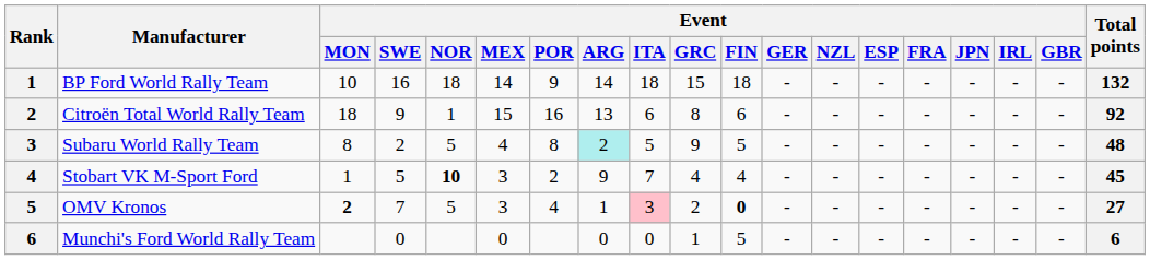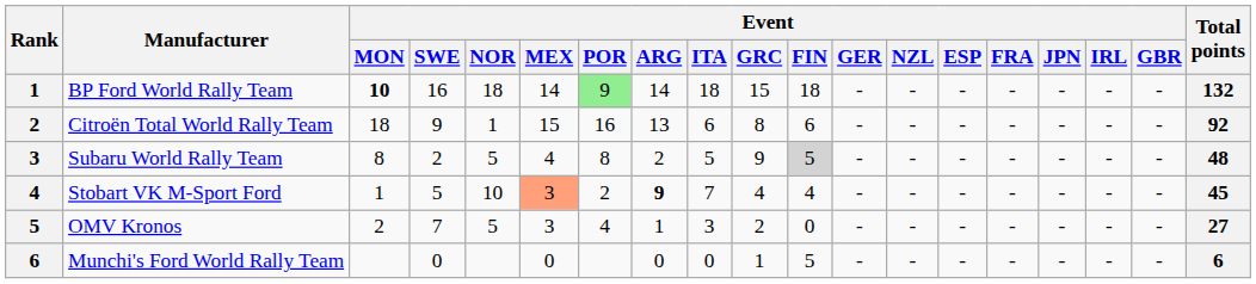 <table class="wikitable" style="text-align:center; font-size:90%;">
 <tr>
 <th rowspan=2>Rank</th>
 <th rowspan=2 style="width:16em">Manufacturer</th>
 <th colspan=16>Event</th>
 <th rowspan=2>Total<br>points</th>
 </tr>
 <tr valign="top">
 <th><a href='#'>MON</a><br></th>
 <th><a href='#'>SWE</a><br></th>
 <th><a href='#'>NOR</a><br></th>
 <th><a href='#'>MEX</a><br></th>
 <th><a href='#'>POR</a><br></th>
 <th><a href='#'>ARG</a><br></th>
 <th><a href='#'>ITA</a><br></th>
 <th><a href='#'>GRC</a><br></th>
 <th><a href='#'>FIN</a><br></th>
 <th><a href='#'>GER</a><br></th>
 <th><a href='#'>NZL</a><br></th>
 <th><a href='#'>ESP</a><br></th>
 <th><a href='#'>FRA</a><br></th>
 <th><a href='#'>JPN</a><br></th>
 <th><a href='#'>IRL</a><br></th>
 <th><a href='#'>GBR</a><br></th>
 </tr>
 <tr>
 <th>1</th>
 <td align=left><a href='#'>BP Ford World Rally Team</a></td>
-<td>10</td>
+<td><strong>10</strong></td>
 <td>16</td>
 <td>18</td>
 <td>14</td>
-<td>9</td>
+<td style="background: lightgreen;">9</td>
 <td>14</td>
 <td>18</td>
 <td>15</td>
 <td>18</td>
 <td>-</td>
 <td>-</td>
 <td>-</td>
 <td>-</td>
 <td>-</td>
 <td>-</td>
 <td>-</td>
 <th>132</th>
 </tr>
 <tr>
 <th>2</th>
 <td align=left><a href='#'>Citroën Total World Rally Team</a></td>
 <td>18</td>
 <td>9</td>
 <td>1</td>
 <td>15</td>
 <td>16</td>
 <td>13</td>
 <td>6</td>
 <td>8</td>
 <td>6</td>
 <td>-</td>
 <td>-</td>
 <td>-</td>
 <td>-</td>
 <td>-</td>
 <td>-</td>
 <td>-</td>
 <th>92</th>
 </tr>
 <tr>
 <th>3</th>
 <td align=left><a href='#'>Subaru World Rally Team</a></td>
 <td>8</td>
 <td>2</td>
 <td>5</td>
 <td>4</td>
 <td>8</td>
-<td style="background: paleturquoise;">2</td>
+<td>2</td>
 <td>5</td>
 <td>9</td>
-<td>5</td>
+<td style="background: lightgrey;">5</td>
 <td>-</td>
 <td>-</td>
 <td>-</td>
 <td>-</td>
 <td>-</td>
 <td>-</td>
 <td>-</td>
 <th>48</th>
 </tr>
 <tr>
 <th>4</th>
 <td align=left><a href='#'>Stobart VK M-Sport Ford</a></td>
 <td>1</td>
 <td>5</td>
-<td><strong>10</strong></td>
-<td>3</td>
+<td>10</td>
+<td style="background: lightsalmon;">3</td>
 <td>2</td>
-<td>9</td>
+<td><strong>9</strong></td>
 <td>7</td>
 <td>4</td>
 <td>4</td>
 <td>-</td>
 <td>-</td>
 <td>-</td>
 <td>-</td>
 <td>-</td>
 <td>-</td>
 <td>-</td>
 <th>45</th>
 </tr>
 <tr>
 <th>5</th>
 <td align=left><a href='#'>OMV Kronos</a></td>
-<td><strong>2</strong></td>
+<td>2</td>
 <td>7</td>
 <td>5</td>
 <td>3</td>
 <td>4</td>
 <td>1</td>
-<td style="background: pink;">3</td>
+<td>3</td>
 <td>2</td>
-<td><strong>0</strong></td>
+<td>0</td>
 <td>-</td>
 <td>-</td>
 <td>-</td>
 <td>-</td>
 <td>-</td>
 <td>-</td>
 <td>-</td>
 <th>27</th>
 </tr>
 <tr>
 <th>6</th>
 <td align="left"><a href='#'>Munchi's Ford World Rally Team</a></td>
 <td></td>
 <td>0</td>
 <td></td>
 <td>0</td>
 <td></td>
 <td>0</td>
 <td>0</td>
 <td>1</td>
 <td>5</td>
 <td>-</td>
 <td>-</td>
 <td>-</td>
 <td>-</td>
 <td>-</td>
 <td>-</td>
 <td>-</td>
 <th>6</th>
 </tr>
 </table>
